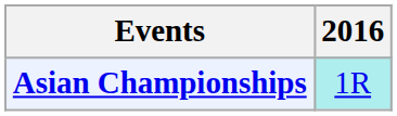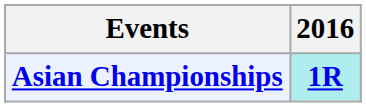 <table style='font-size: 90%; text-align:center;' class='wikitable'>
 <tr>
 <th>Events</th>
 <th>2016</th>
 </tr>
 <tr>
 <td bgcolor="#ECF2FF"; align="left"><strong><a href='#'>Asian Championships</a></strong></td>
-<td bgcolor=AFEEEE><a href='#'>1R</a></td>
+<td bgcolor=AFEEEE><strong><a href='#'>1R</a></strong></td>
 </tr>
 </table>
